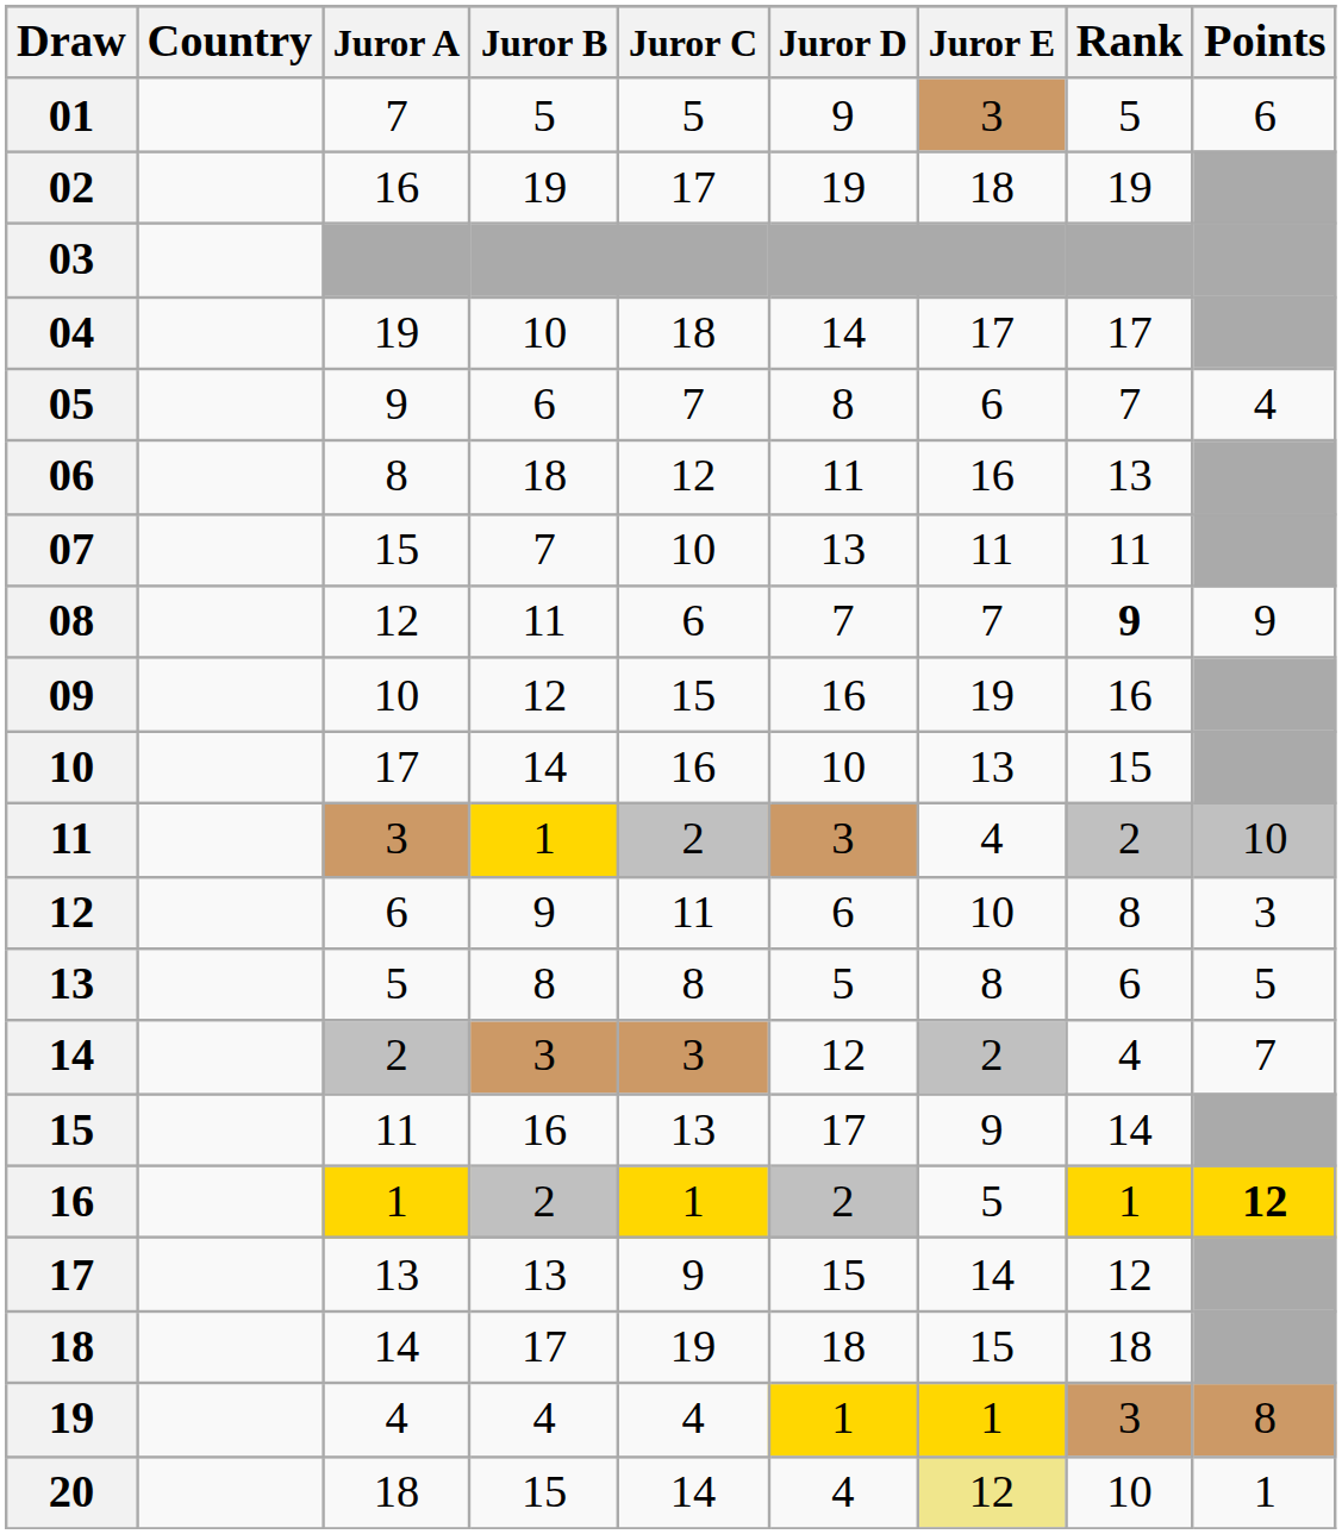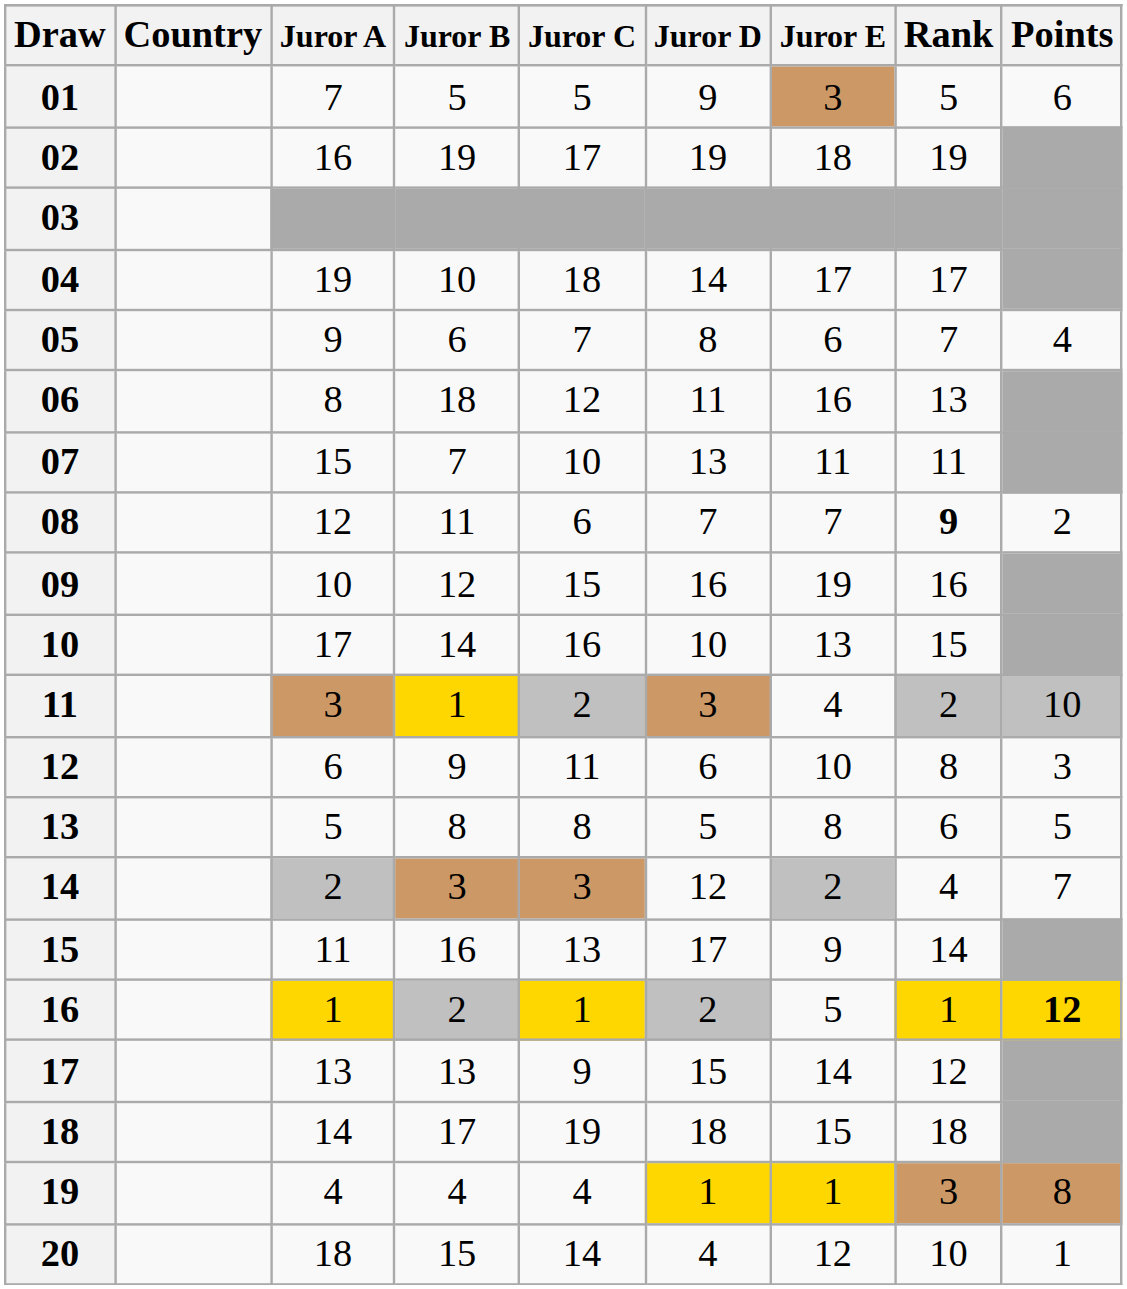 <table class="sortable wikitable collapsible plainrowheaders" style="text-align:center;">
 <tr>
 </tr>
 <tr>
 <th scope="col">Draw</th>
 <th scope="col">Country</th>
 <th scope="col"><small>Juror A</small></th>
 <th scope="col"><small>Juror B</small></th>
 <th scope="col"><small>Juror C</small></th>
 <th scope="col"><small>Juror D</small></th>
 <th scope="col"><small>Juror E</small></th>
 <th scope="col">Rank</th>
 <th scope="col">Points</th>
 </tr>
 <tr>
 <th scope="row" style="text-align:center;">01</th>
 <td style="text-align:left;"></td>
 <td>7</td>
 <td>5</td>
 <td>5</td>
 <td>9</td>
 <td style="background:#CC9966;">3</td>
 <td>5</td>
 <td>6</td>
 </tr>
 <tr>
 <th scope="row" style="text-align:center;">02</th>
 <td style="text-align:left;"></td>
 <td>16</td>
 <td>19</td>
 <td>17</td>
 <td>19</td>
 <td>18</td>
 <td>19</td>
 <td style="background:#AAAAAA;"></td>
 </tr>
 <tr class="sortbottom">
 <th scope="row" style="text-align:center;">03</th>
 <td style="text-align:left;"></td>
 <td style="background:#AAAAAA;"></td>
 <td style="background:#AAAAAA;"></td>
 <td style="background:#AAAAAA;"></td>
 <td style="background:#AAAAAA;"></td>
 <td style="background:#AAAAAA;"></td>
 <td style="background:#AAAAAA;"></td>
 <td style="background:#AAAAAA;"></td>
 </tr>
 <tr>
 <th scope="row" style="text-align:center;">04</th>
 <td style="text-align:left;"></td>
 <td>19</td>
 <td>10</td>
 <td>18</td>
 <td>14</td>
 <td>17</td>
 <td>17</td>
 <td style="background:#AAAAAA;"></td>
 </tr>
 <tr>
 <th scope="row" style="text-align:center;">05</th>
 <td style="text-align:left;"></td>
 <td>9</td>
 <td>6</td>
 <td>7</td>
 <td>8</td>
 <td>6</td>
 <td>7</td>
 <td>4</td>
 </tr>
 <tr>
 <th scope="row" style="text-align:center;">06</th>
 <td style="text-align:left;"></td>
 <td>8</td>
 <td>18</td>
 <td>12</td>
 <td>11</td>
 <td>16</td>
 <td>13</td>
 <td style="background:#AAAAAA;"></td>
 </tr>
 <tr>
 <th scope="row" style="text-align:center;">07</th>
 <td style="text-align:left;"></td>
 <td>15</td>
 <td>7</td>
 <td>10</td>
 <td>13</td>
 <td>11</td>
 <td>11</td>
 <td style="background:#AAAAAA;"></td>
 </tr>
 <tr>
 <th scope="row" style="text-align:center;">08</th>
 <td style="text-align:left;"></td>
 <td>12</td>
 <td>11</td>
 <td>6</td>
 <td>7</td>
 <td>7</td>
 <td><strong>9</strong></td>
-<td>9</td>
+<td>2</td>
 </tr>
 <tr>
 <th scope="row" style="text-align:center;">09</th>
 <td style="text-align:left;"></td>
 <td>10</td>
 <td>12</td>
 <td>15</td>
 <td>16</td>
 <td>19</td>
 <td>16</td>
 <td style="background:#AAAAAA;"></td>
 </tr>
 <tr>
 <th scope="row" style="text-align:center;">10</th>
 <td style="text-align:left;"></td>
 <td>17</td>
 <td>14</td>
 <td>16</td>
 <td>10</td>
 <td>13</td>
 <td>15</td>
 <td style="background:#AAAAAA;"></td>
 </tr>
 <tr>
 <th scope="row" style="text-align:center;">11</th>
 <td style="text-align:left;"></td>
 <td style="background:#CC9966;">3</td>
 <td style="background:gold;">1</td>
 <td style="background:silver;">2</td>
 <td style="background:#CC9966;">3</td>
 <td>4</td>
 <td style="background:silver;">2</td>
 <td style="background:silver;">10</td>
 </tr>
 <tr>
 <th scope="row" style="text-align:center;">12</th>
 <td style="text-align:left;"></td>
 <td>6</td>
 <td>9</td>
 <td>11</td>
 <td>6</td>
 <td>10</td>
 <td>8</td>
 <td>3</td>
 </tr>
 <tr>
 <th scope="row" style="text-align:center;">13</th>
 <td style="text-align:left;"></td>
 <td>5</td>
 <td>8</td>
 <td>8</td>
 <td>5</td>
 <td>8</td>
 <td>6</td>
 <td>5</td>
 </tr>
 <tr>
 <th scope="row" style="text-align:center;">14</th>
 <td style="text-align:left;"></td>
 <td style="background:silver;">2</td>
 <td style="background:#CC9966;">3</td>
 <td style="background:#CC9966;">3</td>
 <td>12</td>
 <td style="background:silver;">2</td>
 <td>4</td>
 <td>7</td>
 </tr>
 <tr>
 <th scope="row" style="text-align:center;">15</th>
 <td style="text-align:left;"></td>
 <td>11</td>
 <td>16</td>
 <td>13</td>
 <td>17</td>
 <td>9</td>
 <td>14</td>
 <td style="background:#AAAAAA;"></td>
 </tr>
 <tr>
 <th scope="row" style="text-align:center;">16</th>
 <td style="text-align:left;"></td>
 <td style="background:gold;">1</td>
 <td style="background:silver;">2</td>
 <td style="background:gold;">1</td>
 <td style="background:silver;">2</td>
 <td>5</td>
 <td style="background:gold;">1</td>
 <td style="background:gold;"><strong>12</strong></td>
 </tr>
 <tr>
 <th scope="row" style="text-align:center;">17</th>
 <td style="text-align:left;"></td>
 <td>13</td>
 <td>13</td>
 <td>9</td>
 <td>15</td>
 <td>14</td>
 <td>12</td>
 <td style="background:#AAAAAA;"></td>
 </tr>
 <tr>
 <th scope="row" style="text-align:center;">18</th>
 <td style="text-align:left;"></td>
 <td>14</td>
 <td>17</td>
 <td>19</td>
 <td>18</td>
 <td>15</td>
 <td>18</td>
 <td style="background:#AAAAAA;"></td>
 </tr>
 <tr>
 <th scope="row" style="text-align:center;">19</th>
 <td style="text-align:left;"></td>
 <td>4</td>
 <td>4</td>
 <td>4</td>
 <td style="background:gold;">1</td>
 <td style="background:gold;">1</td>
 <td style="background:#CC9966;">3</td>
 <td style="background:#CC9966;">8</td>
 </tr>
 <tr>
 <th scope="row" style="text-align:center;">20</th>
 <td style="text-align:left;"></td>
 <td>18</td>
 <td>15</td>
 <td>14</td>
 <td>4</td>
-<td style="background: khaki;">12</td>
+<td>12</td>
 <td>10</td>
 <td>1</td>
 </tr>
 </table>
